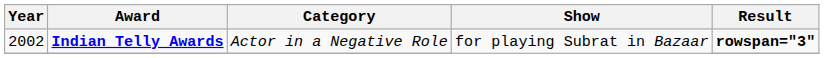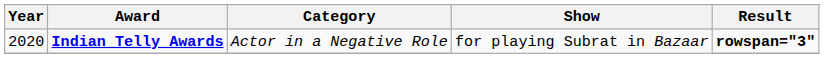 <table class="wikitable">
 <tr>
 <th>Year</th>
 <th>Award</th>
 <th>Category</th>
 <th>Show</th>
 <th>Result</th>
 </tr>
 <tr>
-<td>2002</td>
+<td>2020</td>
 <td><strong><a href='#'>Indian Telly Awards</a></strong></td>
 <td><em>Actor in a Negative Role</em></td>
 <td rowspan="5">for playing Subrat in <em>Bazaar</em></td>
 <td><strong>rowspan="3" </strong></td>
 </tr>
 <tr>
 </tr>
 </table>
